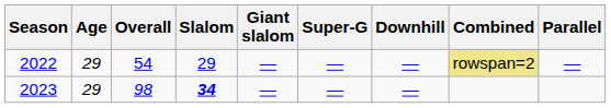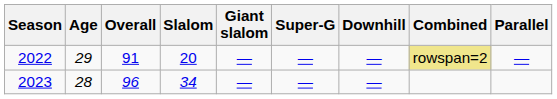 <table class=wikitable style="text-align:center">
 <tr>
 <th>Season</th>
 <th>Age</th>
 <th>Overall</th>
 <th>Slalom</th>
 <th>Giant<br>slalom</th>
 <th>Super-G</th>
 <th>Downhill</th>
 <th>Combined</th>
 <th>Parallel</th>
 </tr>
 <tr>
 <td><a href='#'>2022</a></td>
 <td><em>29</em></td>
-<td><a href='#'>54</a></td>
-<td><a href='#'>29</a></td>
+<td><a href='#'>91</a></td>
+<td><a href='#'>20</a></td>
 <td><a href='#'>—</a></td>
 <td><a href='#'>—</a></td>
 <td><a href='#'>—</a></td>
 <td style="background: khaki;">rowspan=2 </td>
 <td><a href='#'>—</a></td>
 </tr>
 <tr>
 <td><a href='#'>2023</a></td>
-<td><em>29</em></td>
-<td><em><a href='#'>98</a></em></td>
-<td><strong><em><a href='#'>34</a></em></strong></td>
+<td><em>28</em></td>
+<td><em><a href='#'>96</a></em></td>
+<td><em><a href='#'>34</a></em></td>
 <td><a href='#'>—</a></td>
 <td><a href='#'>—</a></td>
 <td><a href='#'>—</a></td>
 <td></td>
 </tr>
 </table>
